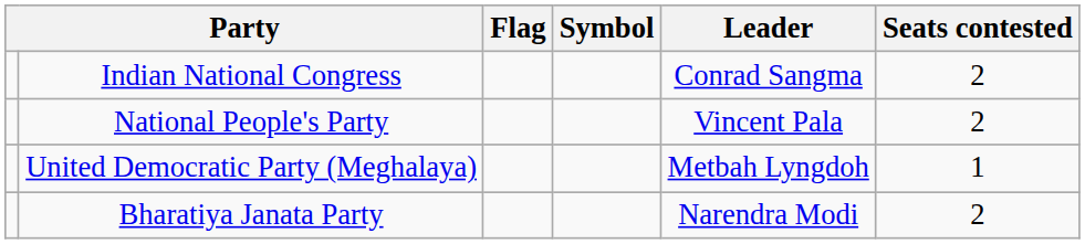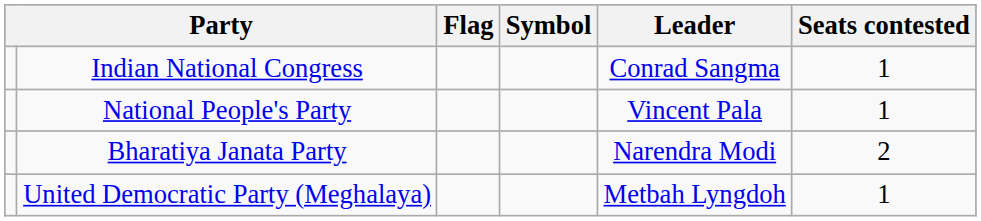 <table class="wikitable"  style="text-align:center">
 <tr>
 <th colspan="2">Party</th>
 <th>Flag</th>
 <th>Symbol</th>
 <th>Leader</th>
 <th>Seats contested</th>
 </tr>
 <tr>
 <td style="text-align:center; background:"></td>
 <td><a href='#'>Indian National Congress</a></td>
 <td></td>
 <td></td>
 <td><a href='#'>Conrad Sangma</a></td>
-<td>2</td>
+<td>1</td>
 </tr>
 <tr>
 <td ! style="text-align:center; background:"></td>
 <td><a href='#'>National People's Party</a></td>
 <td></td>
 <td></td>
 <td><a href='#'>Vincent Pala</a></td>
+<td>1</td>
+</tr>
+<tr>
+<td style="text-align:center; background:"></td>
+<td><a href='#'>Bharatiya Janata Party</a></td>
+<td></td>
+<td></td>
+<td><a href='#'>Narendra Modi</a></td>
 <td>2</td>
 </tr>
 <tr>
 <td style="text-align:center; background:"></td>
 <td><a href='#'>United Democratic Party (Meghalaya)</a></td>
 <td></td>
 <td></td>
 <td><a href='#'>Metbah Lyngdoh</a></td>
 <td>1</td>
 </tr>
-<tr>
-<td style="text-align:center; background:"></td>
-<td><a href='#'>Bharatiya Janata Party</a></td>
-<td></td>
-<td></td>
-<td><a href='#'>Narendra Modi</a></td>
-<td>2</td>
-</tr>
 </table>
